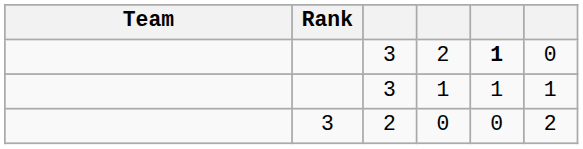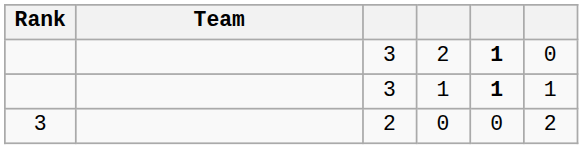 <table class="wikitable" style="text-align:center; font-size:95%;">
 <tr>
+<th width=35>Rank</th>
 <th width=160>Team</th>
-<th width=35>Rank</th>
 <th width=25></th>
 <th width=25></th>
 <th width=25></th>
 <th width=25></th>
 </tr>
 <tr>
+<td></td>
 <td align="left"></td>
-<td></td>
 <td>3</td>
 <td>2</td>
 <td><strong>1</strong></td>
 <td>0</td>
 </tr>
 <tr>
+<td></td>
 <td align="left"></td>
-<td></td>
 <td>3</td>
 <td>1</td>
-<td>1</td>
+<td><strong>1</strong></td>
 <td>1</td>
 </tr>
 <tr>
+<td>3</td>
 <td align="left"></td>
-<td>3</td>
 <td>2</td>
 <td>0</td>
 <td>0</td>
 <td>2</td>
 </tr>
 </table>
